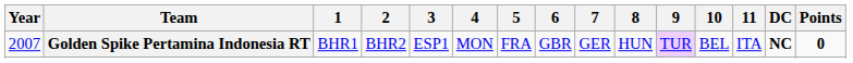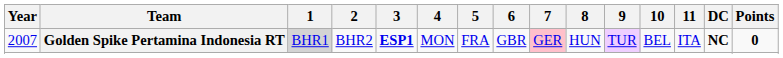 <table class="wikitable" style="text-align:center; font-size:95%">
 <tr>
 <th>Year</th>
 <th>Team</th>
 <th>1</th>
 <th>2</th>
 <th>3</th>
 <th>4</th>
 <th>5</th>
 <th>6</th>
 <th>7</th>
 <th>8</th>
 <th>9</th>
 <th>10</th>
 <th>11</th>
 <th>DC</th>
 <th>Points</th>
 </tr>
 <tr>
 <td rowspan=2><a href='#'>2007</a></td>
 <th>Golden Spike Pertamina Indonesia RT</th>
-<td><a href='#'>BHR1</a></td>
+<td style="background: lightgrey;"><a href='#'>BHR1</a></td>
 <td><a href='#'>BHR2</a></td>
-<td><a href='#'>ESP1</a></td>
+<td><strong><a href='#'>ESP1</a></strong></td>
 <td><a href='#'>MON</a></td>
 <td><a href='#'>FRA</a></td>
 <td><a href='#'>GBR</a></td>
-<td><a href='#'>GER</a></td>
+<td style="background: pink;"><a href='#'>GER</a></td>
 <td><a href='#'>HUN</a></td>
 <td style="background:#EFCFFF;"><a href='#'>TUR</a><br></td>
 <td><a href='#'>BEL</a></td>
 <td><a href='#'>ITA</a></td>
 <td rowspan=2><strong>NC</strong></td>
 <td rowspan=2><strong>0</strong></td>
 </tr>
 <tr>
 </tr>
 </table>
